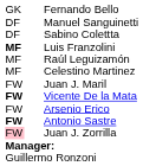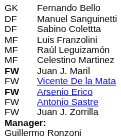 <table style="font-size:90%; margin:0.2em auto;" cellspacing="0" cellpadding="0">
 <tr>
 <th width="25"></th>
 <th width="25"></th>
 </tr>
 <tr>
 <td>GK</td>
 <td></td>
 <td> Fernando Bello</td>
 </tr>
 <tr>
 <td>DF</td>
 <td></td>
 <td> Manuel Sanguinetti</td>
 </tr>
 <tr>
 <td>DF</td>
 <td></td>
 <td> Sabino Colettta</td>
 </tr>
 <tr>
-<td><strong>MF</strong></td>
+<td>MF</td>
 <td></td>
 <td> Luis Franzolini</td>
 </tr>
 <tr>
 <td>MF</td>
 <td></td>
 <td> Raúl Leguizamón</td>
 </tr>
 <tr>
 <td>MF</td>
 <td></td>
 <td> Celestino Martinez</td>
 </tr>
 <tr>
-<td>FW</td>
+<td><strong>FW</strong></td>
 <td></td>
 <td> Juan J. Maril</td>
 </tr>
 <tr>
-<td><strong>FW</strong></td>
+<td>FW</td>
 <td></td>
 <td> <a href='#'>Vicente De la Mata</a></td>
 </tr>
 <tr>
-<td>FW</td>
+<td><strong>FW</strong></td>
 <td></td>
 <td> <a href='#'>Arsenio Erico</a></td>
 </tr>
 <tr>
-<td><strong>FW</strong></td>
+<td>FW</td>
 <td></td>
 <td> <a href='#'>Antonio Sastre</a></td>
 </tr>
 <tr>
-<td style="background: pink;">FW</td>
+<td>FW</td>
 <td></td>
 <td> Juan J. Zorrilla</td>
 </tr>
 <tr>
 <td colspan=3><strong>Manager:</strong></td>
 </tr>
 <tr>
 <td colspan=4> Guillermo Ronzoni</td>
 </tr>
 </table>
